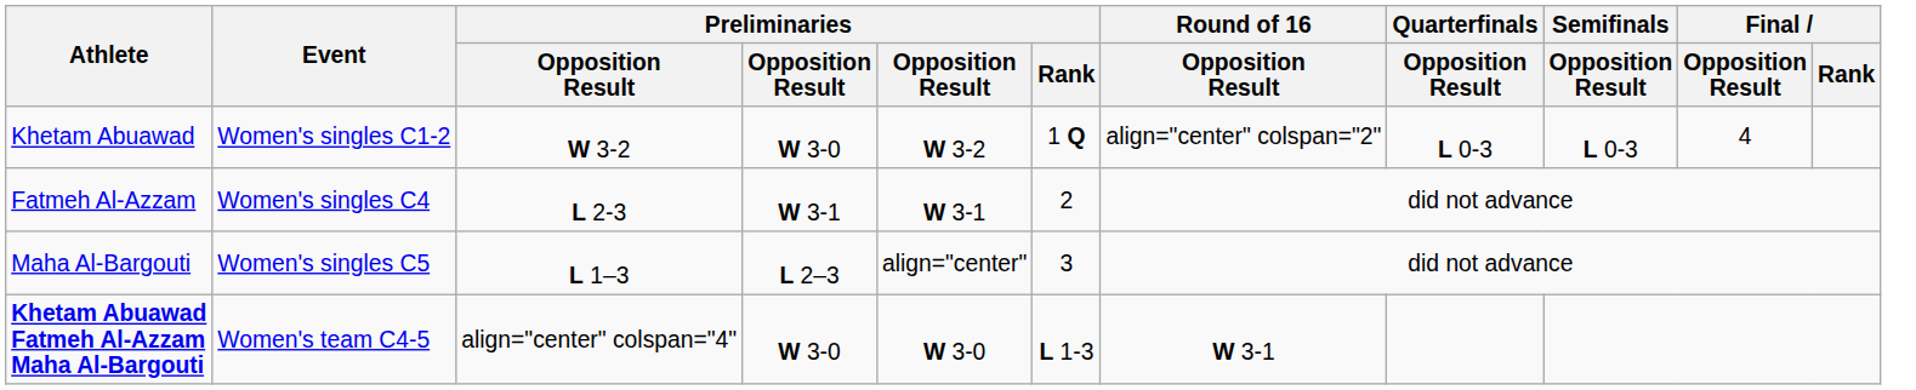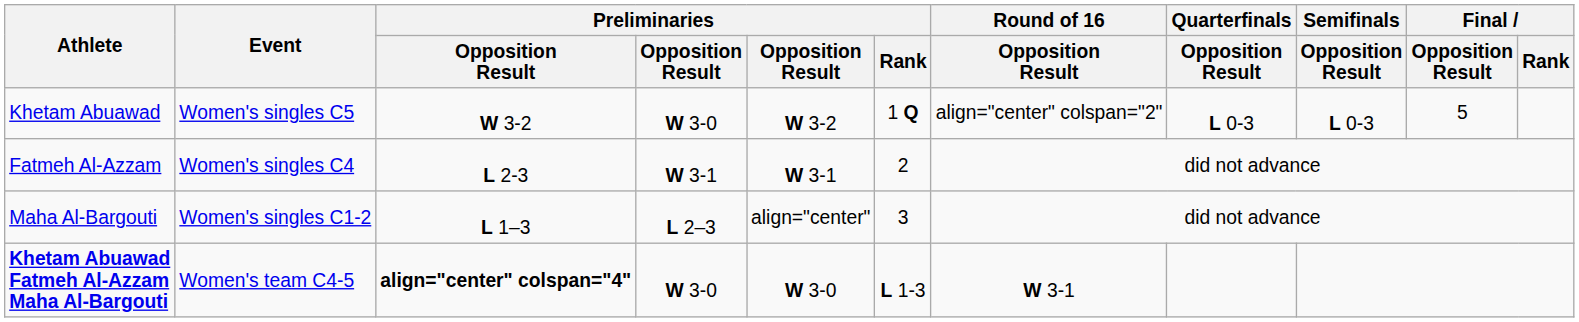 <table class=wikitable style="font-size:90%">
 <tr>
 <th rowspan="2">Athlete</th>
 <th rowspan="2">Event</th>
 <th colspan="4">Preliminaries</th>
 <th>Round of 16</th>
 <th>Quarterfinals</th>
 <th>Semifinals</th>
 <th colspan="2">Final / </th>
 </tr>
 <tr>
 <th>Opposition<br>Result</th>
 <th>Opposition<br>Result</th>
 <th>Opposition<br>Result</th>
 <th>Rank</th>
 <th>Opposition<br>Result</th>
 <th>Opposition<br>Result</th>
 <th>Opposition<br>Result</th>
 <th>Opposition<br>Result</th>
 <th>Rank</th>
 </tr>
 <tr>
 <td><a href='#'>Khetam Abuawad</a></td>
-<td><a href='#'>Women's singles C1-2</a></td>
+<td><a href='#'>Women's singles C5</a></td>
 <td align="center"><br><strong>W</strong> 3-2</td>
 <td align="center"><br><strong>W</strong> 3-0</td>
 <td align="center"><br><strong>W</strong> 3-2</td>
 <td align="center">1 <strong>Q</strong></td>
 <td>align="center" colspan="2" </td>
 <td align="center"><br><strong>L</strong> 0-3</td>
 <td align="center"><br><strong>L</strong> 0-3</td>
-<td align="center">4</td>
+<td align="center">5</td>
 </tr>
 <tr>
 <td><a href='#'>Fatmeh Al-Azzam</a></td>
 <td><a href='#'>Women's singles C4</a></td>
 <td align="center"><br><strong>L</strong> 2-3</td>
 <td align="center"><br><strong>W</strong> 3-1</td>
 <td align="center"><br><strong>W</strong> 3-1</td>
 <td align="center">2</td>
 <td align="center" colspan="5">did not advance</td>
 </tr>
 <tr>
 <td><a href='#'>Maha Al-Bargouti</a></td>
-<td><a href='#'>Women's singles C5</a></td>
+<td><a href='#'>Women's singles C1-2</a></td>
 <td align="center"><br><strong>L</strong> 1–3</td>
 <td align="center"><br><strong>L</strong> 2–3</td>
 <td>align="center" </td>
 <td align="center">3</td>
 <td align="center" colspan="5">did not advance</td>
 </tr>
 <tr>
 <td><strong><a href='#'>Khetam Abuawad</a></strong><br> <strong><a href='#'>Fatmeh Al-Azzam</a></strong><br> <strong><a href='#'>Maha Al-Bargouti</a></strong></td>
 <td><a href='#'>Women's team C4-5</a></td>
-<td>align="center" colspan="4" </td>
+<td><strong>align="center" colspan="4" </strong></td>
 <td align="center"><br><strong>W</strong> 3-0</td>
 <td align="center"><br><strong>W</strong> 3-0</td>
 <td align="center"><br><strong>L</strong> 1-3</td>
 <td align="center"><br><strong>W</strong> 3-1</td>
 <td align="center"></td>
 </tr>
 </table>
